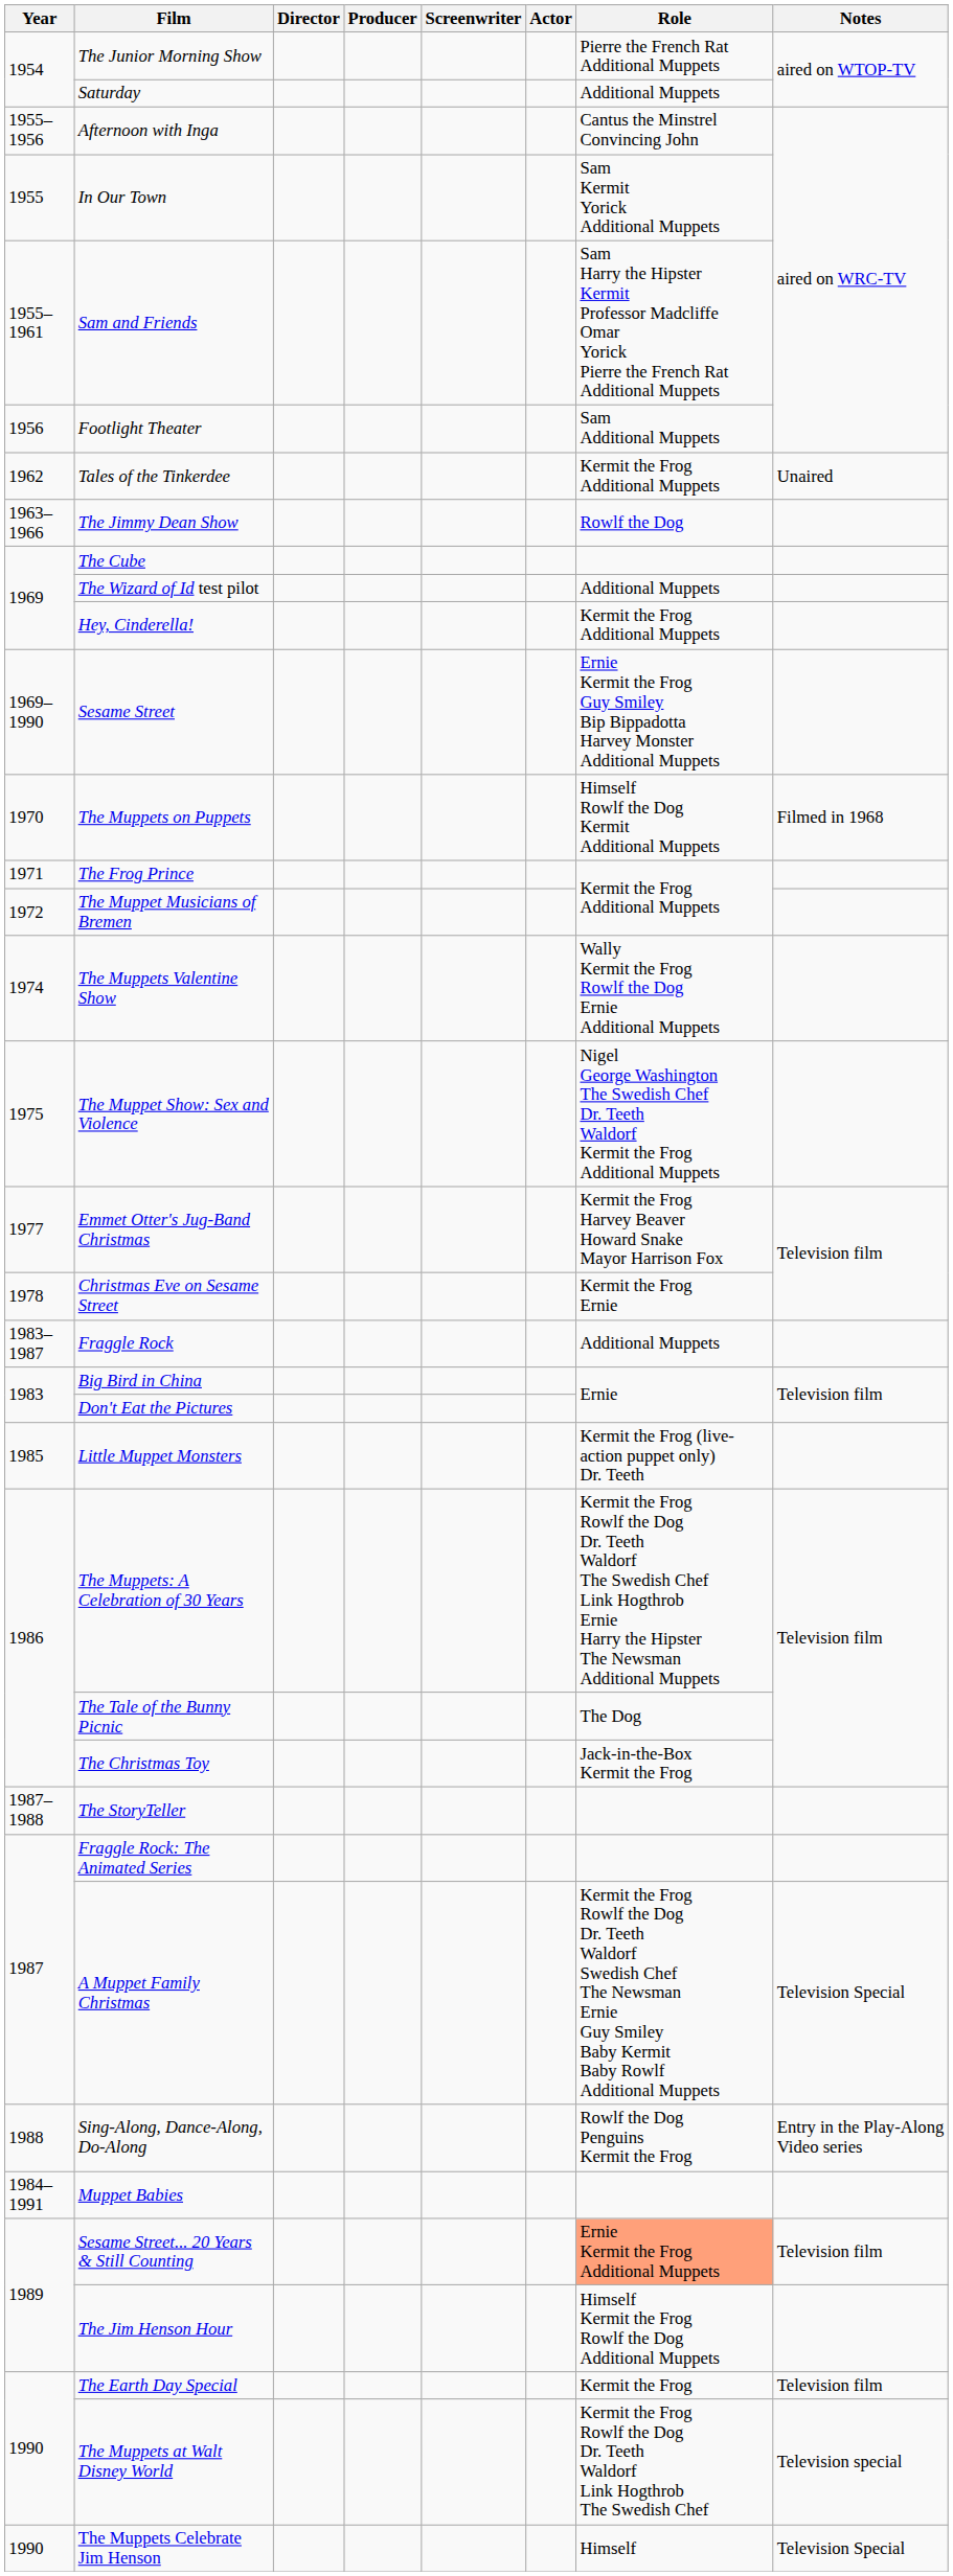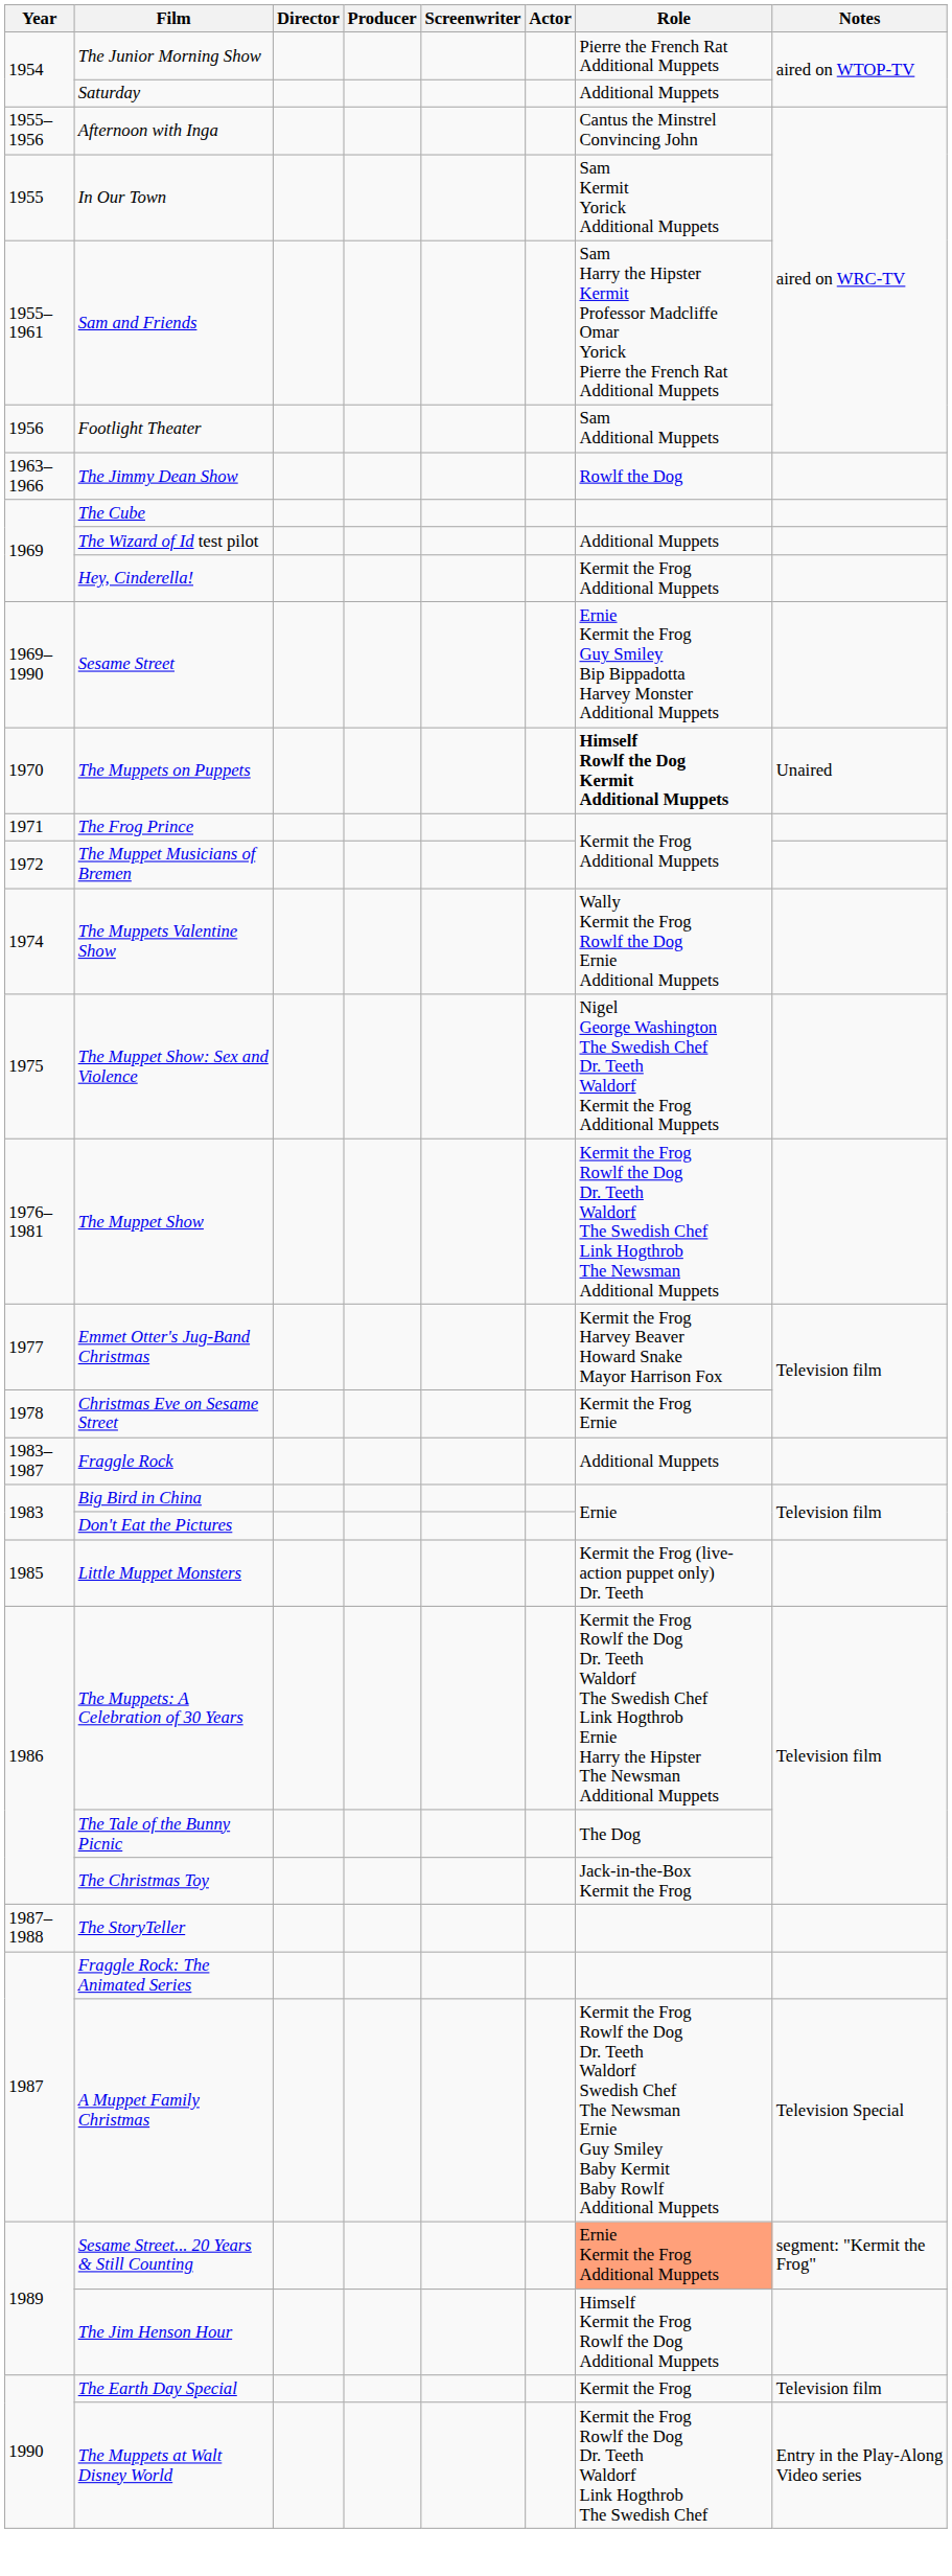 <table class="wikitable sortable">
 <tr>
 <th>Year</th>
 <th>Film</th>
 <th>Director</th>
 <th>Producer</th>
 <th>Screenwriter</th>
 <th>Actor</th>
 <th>Role</th>
 <th>Notes</th>
 </tr>
 <tr>
 <td rowspan="2">1954</td>
 <td><em>The Junior Morning Show</em></td>
 <td></td>
 <td></td>
 <td></td>
 <td></td>
 <td>Pierre the French Rat<br>Additional Muppets</td>
 <td rowspan="2">aired on <a href='#'>WTOP-TV</a></td>
 </tr>
 <tr>
 <td><em>Saturday</em></td>
 <td></td>
 <td></td>
 <td></td>
 <td></td>
 <td>Additional Muppets</td>
 </tr>
 <tr>
 <td>1955–1956</td>
 <td><em>Afternoon with Inga</em></td>
 <td></td>
 <td></td>
 <td></td>
 <td></td>
 <td>Cantus the Minstrel<br>Convincing John</td>
 <td rowspan="4">aired on <a href='#'>WRC-TV</a></td>
 </tr>
 <tr>
 <td>1955</td>
 <td><em>In Our Town</em></td>
 <td></td>
 <td></td>
 <td></td>
 <td></td>
 <td>Sam<br>Kermit<br>Yorick<br>Additional Muppets</td>
 </tr>
 <tr>
 <td>1955–1961</td>
 <td><em><a href='#'>Sam and Friends</a></em></td>
 <td></td>
 <td></td>
 <td></td>
 <td></td>
 <td>Sam<br>Harry the Hipster<br><a href='#'>Kermit</a><br>Professor Madcliffe<br>Omar<br>Yorick<br>Pierre the French Rat<br>Additional Muppets</td>
 </tr>
 <tr>
 <td>1956</td>
 <td><em>Footlight Theater</em></td>
 <td></td>
 <td></td>
 <td></td>
 <td></td>
 <td>Sam<br>Additional Muppets</td>
 </tr>
 <tr>
-<td>1962</td>
-<td><em>Tales of the Tinkerdee</em></td>
-<td></td>
-<td></td>
-<td></td>
-<td></td>
-<td>Kermit the Frog<br>Additional Muppets</td>
-<td>Unaired<br></td>
-</tr>
-<tr>
 <td>1963–1966</td>
 <td><em><a href='#'>The Jimmy Dean Show</a></em></td>
 <td></td>
 <td></td>
 <td></td>
 <td></td>
 <td><a href='#'>Rowlf the Dog</a></td>
 <td></td>
 </tr>
 <tr>
 <td rowspan="3">1969</td>
 <td><em><a href='#'>The Cube</a></em></td>
 <td></td>
 <td></td>
 <td></td>
 <td></td>
 <td></td>
 <td></td>
 </tr>
 <tr>
 <td><em><a href='#'>The Wizard of Id</a></em> test pilot</td>
 <td></td>
 <td></td>
 <td></td>
 <td></td>
 <td>Additional Muppets</td>
 <td></td>
 </tr>
 <tr>
 <td><em><a href='#'>Hey, Cinderella!</a></em></td>
 <td></td>
 <td></td>
 <td></td>
 <td></td>
 <td>Kermit the Frog<br>Additional Muppets</td>
 <td></td>
 </tr>
 <tr>
 <td>1969–1990</td>
 <td><em><a href='#'>Sesame Street</a></em></td>
 <td></td>
 <td></td>
 <td></td>
 <td></td>
 <td><a href='#'>Ernie</a><br>Kermit the Frog<br><a href='#'>Guy Smiley</a><br>Bip Bippadotta<br>Harvey Monster  Additional Muppets</td>
 <td></td>
 </tr>
 <tr>
 <td>1970</td>
 <td><em><a href='#'>The Muppets on Puppets</a></em></td>
 <td></td>
 <td></td>
 <td></td>
 <td></td>
-<td>Himself<br>Rowlf the Dog<br>Kermit<br>Additional Muppets</td>
-<td>Filmed in 1968</td>
+<td><strong>Himself<br>Rowlf the Dog<br>Kermit<br>Additional Muppets</strong></td>
+<td>Unaired<br></td>
 </tr>
 <tr>
 <td>1971</td>
 <td><em><a href='#'>The Frog Prince</a></em></td>
 <td></td>
 <td></td>
 <td></td>
 <td></td>
 <td rowspan="2">Kermit the Frog<br>Additional Muppets</td>
 <td></td>
 </tr>
 <tr>
 <td>1972</td>
 <td><em><a href='#'>The Muppet Musicians of Bremen</a></em></td>
 <td></td>
 <td></td>
 <td></td>
 <td></td>
 <td></td>
 </tr>
 <tr>
 <td>1974</td>
 <td><em><a href='#'>The Muppets Valentine Show</a></em></td>
 <td></td>
 <td></td>
 <td></td>
 <td></td>
 <td>Wally<br>Kermit the Frog<br><a href='#'>Rowlf the Dog</a><br>Ernie<br>Additional Muppets</td>
 <td></td>
 </tr>
 <tr>
 <td>1975</td>
 <td><em><a href='#'>The Muppet Show: Sex and Violence</a></em></td>
 <td></td>
 <td></td>
 <td></td>
 <td></td>
 <td>Nigel<br><a href='#'>George Washington</a><br><a href='#'>The Swedish Chef</a><br><a href='#'>Dr. Teeth</a><br><a href='#'>Waldorf</a><br>Kermit the Frog<br>Additional Muppets</td>
+<td></td>
+</tr>
+<tr>
+<td>1976–1981</td>
+<td><em><a href='#'>The Muppet Show</a></em></td>
+<td></td>
+<td></td>
+<td></td>
+<td></td>
+<td><a href='#'>Kermit the Frog</a><br><a href='#'>Rowlf the Dog</a><br><a href='#'>Dr. Teeth</a><br><a href='#'>Waldorf</a><br><a href='#'>The Swedish Chef</a><br><a href='#'>Link Hogthrob</a><br><a href='#'>The Newsman</a><br>Additional Muppets</td>
 <td></td>
 </tr>
 <tr>
 <td>1977</td>
 <td><em><a href='#'>Emmet Otter's Jug-Band Christmas</a></em></td>
 <td></td>
 <td></td>
 <td></td>
 <td></td>
 <td>Kermit the Frog<br>Harvey Beaver<br>Howard Snake<br>Mayor Harrison Fox</td>
 <td rowspan="2">Television film</td>
 </tr>
 <tr>
 <td>1978</td>
 <td><em><a href='#'>Christmas Eve on Sesame Street</a></em></td>
 <td></td>
 <td></td>
 <td></td>
 <td></td>
 <td>Kermit the Frog<br>Ernie</td>
 </tr>
 <tr>
 <td>1983–1987</td>
 <td><em><a href='#'>Fraggle Rock</a></em></td>
 <td></td>
 <td></td>
 <td></td>
 <td></td>
 <td>Additional Muppets</td>
 <td></td>
 </tr>
 <tr>
 <td rowspan="2">1983</td>
 <td><em><a href='#'>Big Bird in China</a></em></td>
 <td></td>
 <td></td>
 <td></td>
 <td></td>
 <td rowspan="2">Ernie</td>
 <td rowspan="2">Television film</td>
 </tr>
 <tr>
 <td><em><a href='#'>Don't Eat the Pictures</a></em></td>
 <td></td>
 <td></td>
 <td></td>
 <td></td>
 </tr>
 <tr>
 <td>1985</td>
 <td><em><a href='#'>Little Muppet Monsters</a></em></td>
 <td></td>
 <td></td>
 <td></td>
 <td></td>
 <td>Kermit the Frog (live-action puppet only)<br>Dr. Teeth</td>
 <td></td>
 </tr>
 <tr>
 <td rowspan="3">1986</td>
 <td><em><a href='#'>The Muppets: A Celebration of 30 Years</a></em></td>
 <td></td>
 <td></td>
 <td></td>
 <td></td>
 <td>Kermit the Frog<br>Rowlf the Dog<br>Dr. Teeth<br>Waldorf<br>The Swedish Chef<br>Link Hogthrob<br>Ernie<br>Harry the Hipster<br>The Newsman<br>Additional Muppets</td>
 <td rowspan="3">Television film</td>
 </tr>
 <tr>
 <td><em><a href='#'>The Tale of the Bunny Picnic</a></em></td>
 <td></td>
 <td></td>
 <td></td>
 <td></td>
 <td>The Dog</td>
 </tr>
 <tr>
 <td><em><a href='#'>The Christmas Toy</a></em></td>
 <td></td>
 <td></td>
 <td></td>
 <td></td>
 <td>Jack-in-the-Box<br>Kermit the Frog</td>
 </tr>
 <tr>
 <td>1987–1988</td>
 <td><em><a href='#'>The StoryTeller</a></em></td>
 <td></td>
 <td></td>
 <td></td>
 <td></td>
 <td></td>
 <td></td>
 </tr>
 <tr>
 <td rowspan="2">1987</td>
 <td><em><a href='#'>Fraggle Rock: The Animated Series</a></em></td>
 <td></td>
 <td></td>
 <td></td>
 <td></td>
 <td></td>
 <td></td>
 </tr>
 <tr>
 <td><em><a href='#'>A Muppet Family Christmas</a></em></td>
 <td></td>
 <td></td>
 <td></td>
 <td></td>
 <td>Kermit the Frog<br>Rowlf the Dog<br>Dr. Teeth<br>Waldorf<br>Swedish Chef<br>The Newsman<br>Ernie<br>Guy Smiley<br>Baby Kermit<br>Baby Rowlf<br>Additional Muppets</td>
 <td>Television Special</td>
 </tr>
 <tr>
-<td>1988</td>
-<td><em>Sing-Along, Dance-Along, Do-Along</em></td>
-<td></td>
-<td></td>
-<td></td>
-<td></td>
-<td>Rowlf the Dog<br>Penguins<br>Kermit the Frog</td>
-<td>Entry in the Play-Along Video series</td>
-</tr>
-<tr>
-<td>1984–1991</td>
-<td><em><a href='#'>Muppet Babies</a></em></td>
-<td></td>
-<td></td>
-<td></td>
-<td></td>
-<td></td>
-<td></td>
-</tr>
-<tr>
 <td rowspan="2">1989</td>
 <td><em><a href='#'>Sesame Street... 20 Years & Still Counting</a></em></td>
 <td></td>
 <td></td>
 <td></td>
 <td></td>
 <td style="background: lightsalmon;">Ernie<br>Kermit the Frog<br>Additional Muppets</td>
-<td>Television film</td>
+<td>segment: "Kermit the Frog"</td>
 </tr>
 <tr>
 <td><em><a href='#'>The Jim Henson Hour</a></em></td>
 <td></td>
 <td></td>
 <td></td>
 <td></td>
 <td>Himself<br>Kermit the Frog<br>Rowlf the Dog<br>Additional Muppets</td>
 <td></td>
 </tr>
 <tr>
 <td rowspan="2">1990</td>
 <td><em><a href='#'>The Earth Day Special</a></em></td>
 <td></td>
 <td></td>
 <td></td>
 <td></td>
 <td>Kermit the Frog</td>
 <td>Television film</td>
 </tr>
 <tr>
 <td><em><a href='#'>The Muppets at Walt Disney World</a></em></td>
 <td></td>
 <td></td>
 <td></td>
 <td></td>
 <td>Kermit the Frog<br>Rowlf the Dog<br>Dr. Teeth<br>Waldorf<br>Link Hogthrob<br>The Swedish Chef</td>
-<td>Television special</td>
-</tr>
-<tr>
-<td>1990</td>
-<td><a href='#'>The Muppets Celebrate Jim Henson</a></td>
-<td></td>
-<td></td>
-<td></td>
-<td></td>
-<td>Himself</td>
-<td>Television Special</td>
+<td>Entry in the Play-Along Video series</td>
 </tr>
 </table>
